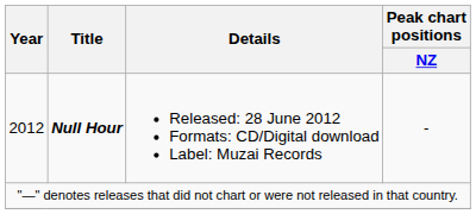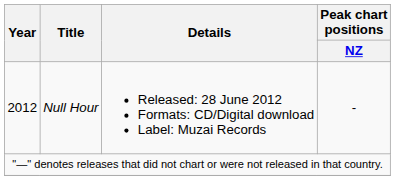 <table class="wikitable plainrowheaders">
 <tr>
 <th rowspan="2">Year</th>
 <th rowspan="2">Title</th>
 <th rowspan="2">Details</th>
 <th>Peak chart<br>positions</th>
 </tr>
 <tr>
 <th><a href='#'>NZ</a></th>
 </tr>
 <tr>
 <td>2012</td>
-<td><strong><em>Null Hour</em> </strong></td>
+<td><em>Null Hour</em> </td>
 <td><br><ul><li>Released: 28 June 2012</li><li>Formats: CD/Digital download</li><li>Label: Muzai Records</li></ul></td>
 <td align=center>-</td>
 </tr>
 <tr>
 <td align=center colspan=4><small>"—" denotes releases that did not chart or were not released in that country.</small></td>
 </tr>
 <tr>
 </tr>
 </table>
